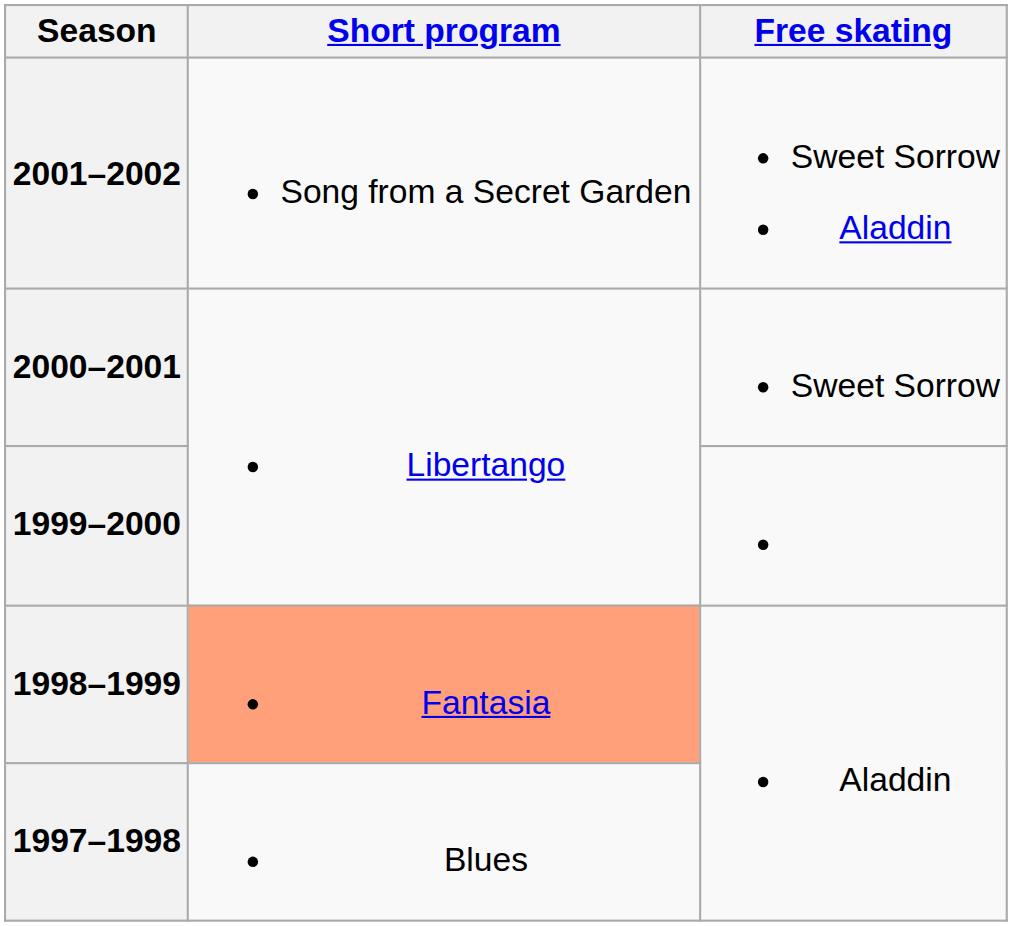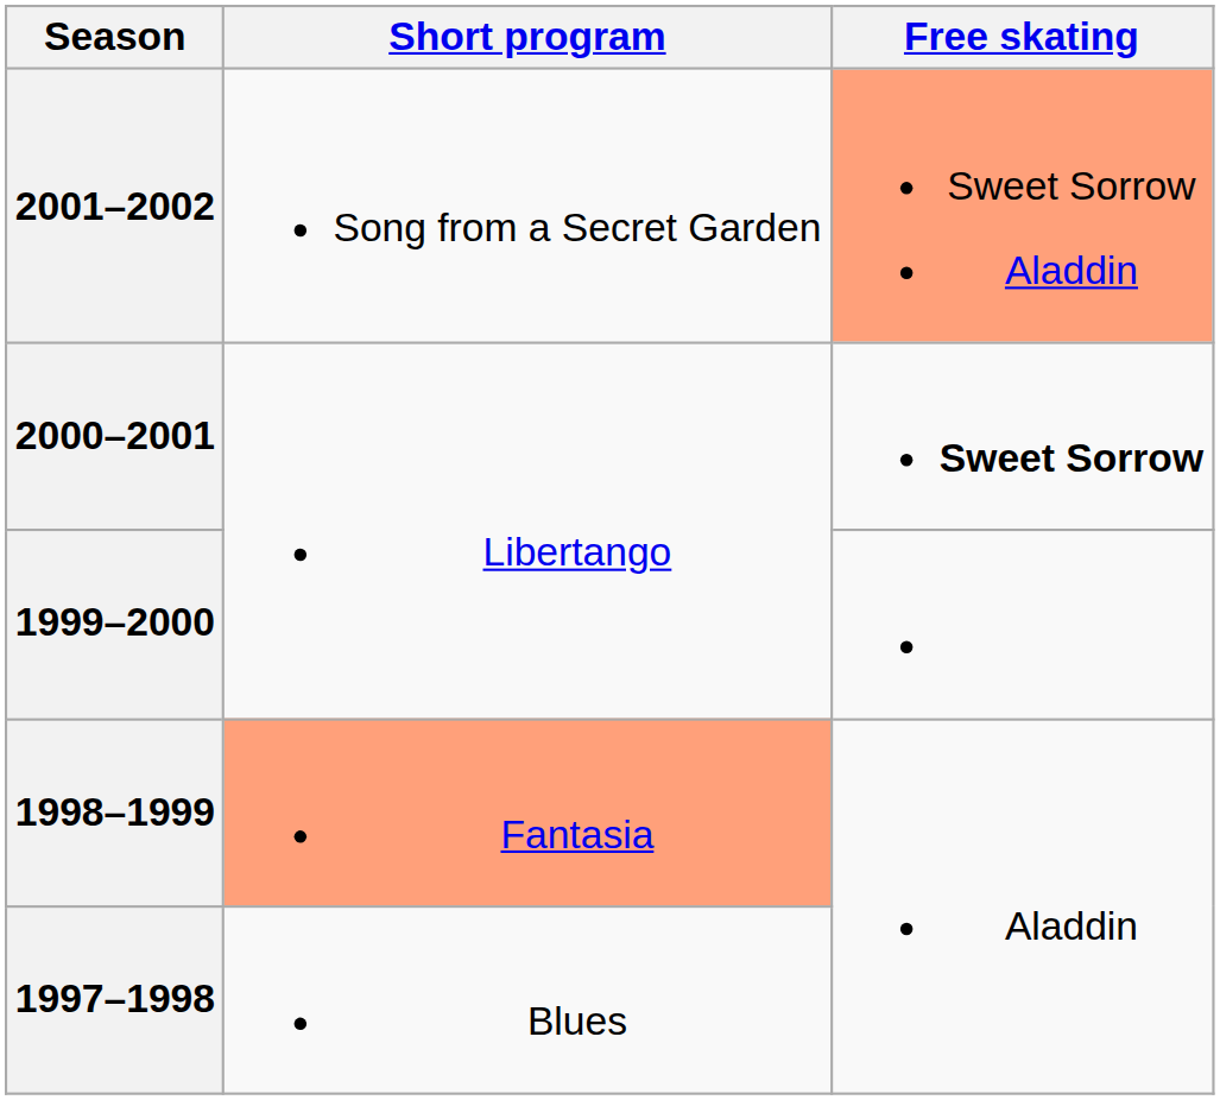 <table class="wikitable" style="text-align:center">
 <tr>
 <th>Season</th>
 <th><a href='#'>Short program</a></th>
 <th><a href='#'>Free skating</a></th>
 </tr>
 <tr>
 <th>2001–2002 <br></th>
 <td><br><ul><li>Song from a Secret Garden <br></li></ul></td>
-<td><br><ul><li>Sweet Sorrow <br></li></ul><ul><li><a href='#'>Aladdin</a> <br></li></ul></td>
+<td style="background: lightsalmon;"><br><ul><li>Sweet Sorrow <br></li></ul><ul><li><a href='#'>Aladdin</a> <br></li></ul></td>
 </tr>
 <tr>
 <th>2000–2001 <br></th>
 <td rowspan=2><br><ul><li><a href='#'>Libertango</a> <br></li></ul></td>
-<td><br><ul><li>Sweet Sorrow <br></li></ul></td>
+<td><strong><br><ul><li>Sweet Sorrow <br></li></ul></strong></td>
 </tr>
 <tr>
 <th>1999–2000</th>
 <td><br><ul><li></li></ul></td>
 </tr>
 <tr>
 <th>1998–1999 <br></th>
 <td style="background: lightsalmon;"><br><ul><li><a href='#'>Fantasia</a> <br></li></ul></td>
 <td rowspan=2><br><ul><li>Aladdin <br></li></ul></td>
 </tr>
 <tr>
 <th>1997–1998 <br></th>
 <td><br><ul><li>Blues <br></li></ul></td>
 </tr>
 </table>
